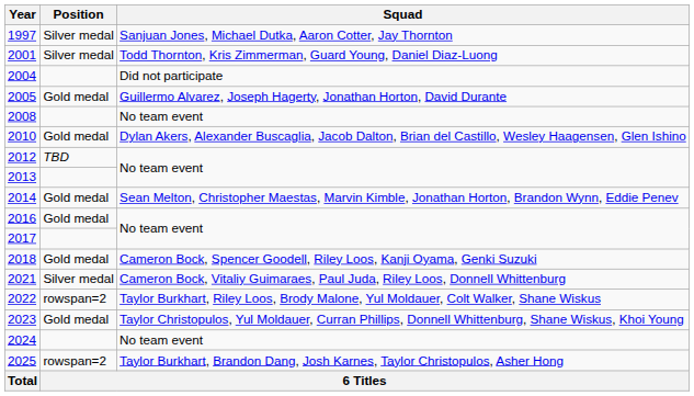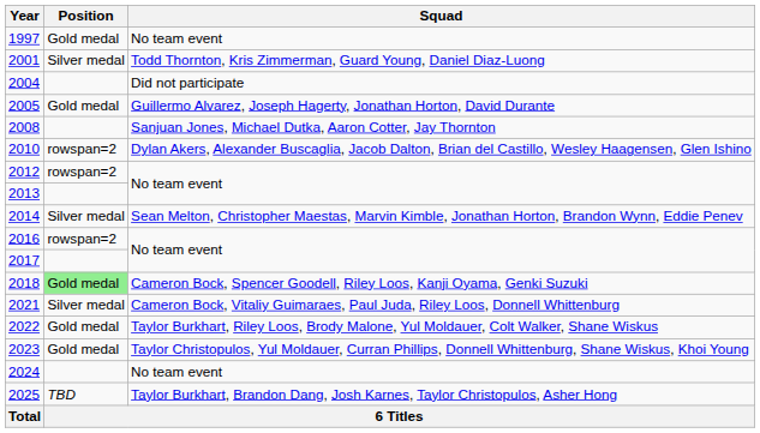 <table class="wikitable" style="text-align: center;">
 <tr>
 <th>Year</th>
 <th>Position</th>
 <th>Squad</th>
 </tr>
 <tr style="text-align:left;">
 <td><a href='#'>1997</a></td>
-<td> Silver medal</td>
-<td><a href='#'>Sanjuan Jones</a>, <a href='#'>Michael Dutka</a>, <a href='#'>Aaron Cotter</a>, <a href='#'>Jay Thornton</a></td>
+<td> Gold medal</td>
+<td>No team event</td>
 </tr>
 <tr style="text-align:left;">
 <td><a href='#'>2001</a></td>
 <td> Silver medal</td>
 <td><a href='#'>Todd Thornton</a>, <a href='#'>Kris Zimmerman</a>, <a href='#'>Guard Young</a>, <a href='#'>Daniel Diaz-Luong</a></td>
 </tr>
 <tr style="text-align:left;">
 <td><a href='#'>2004</a></td>
 <td></td>
 <td>Did not participate</td>
 </tr>
 <tr style="text-align:left;">
 <td><a href='#'>2005</a></td>
 <td> Gold medal</td>
 <td><a href='#'>Guillermo Alvarez</a>, <a href='#'>Joseph Hagerty</a>, <a href='#'>Jonathan Horton</a>, <a href='#'>David Durante</a></td>
 </tr>
 <tr style="text-align:left;">
 <td><a href='#'>2008</a></td>
 <td></td>
-<td>No team event</td>
+<td><a href='#'>Sanjuan Jones</a>, <a href='#'>Michael Dutka</a>, <a href='#'>Aaron Cotter</a>, <a href='#'>Jay Thornton</a></td>
 </tr>
 <tr style="text-align:left;">
 <td><a href='#'>2010</a></td>
-<td> Gold medal</td>
+<td>rowspan=2 </td>
 <td><a href='#'>Dylan Akers</a>, <a href='#'>Alexander Buscaglia</a>, <a href='#'>Jacob Dalton</a>, <a href='#'>Brian del Castillo</a>, <a href='#'>Wesley Haagensen</a>, <a href='#'>Glen Ishino</a></td>
 </tr>
 <tr style="text-align:left;">
 <td><a href='#'>2012</a></td>
-<td><em>TBD</em></td>
+<td>rowspan=2 </td>
 <td rowspan=2>No team event</td>
 </tr>
 <tr style="text-align:left;">
 <td><a href='#'>2013</a></td>
 </tr>
 <tr style="text-align:left;">
 <td><a href='#'>2014</a></td>
-<td> Gold medal</td>
+<td> Silver medal</td>
 <td><a href='#'>Sean Melton</a>, <a href='#'>Christopher Maestas</a>, <a href='#'>Marvin Kimble</a>, <a href='#'>Jonathan Horton</a>, <a href='#'>Brandon Wynn</a>, <a href='#'>Eddie Penev</a></td>
 </tr>
 <tr style="text-align:left;">
 <td><a href='#'>2016</a></td>
-<td> Gold medal</td>
+<td>rowspan=2 </td>
 <td rowspan=2>No team event</td>
 </tr>
 <tr style="text-align:left;">
 <td><a href='#'>2017</a></td>
 </tr>
 <tr style="text-align:left;">
 <td><a href='#'>2018</a></td>
-<td> Gold medal</td>
+<td style="background: lightgreen;"> Gold medal</td>
 <td><a href='#'>Cameron Bock</a>, <a href='#'>Spencer Goodell</a>, <a href='#'>Riley Loos</a>, <a href='#'>Kanji Oyama</a>, <a href='#'>Genki Suzuki</a></td>
 </tr>
 <tr style="text-align:left;">
 <td><a href='#'>2021</a></td>
 <td> Silver medal</td>
 <td><a href='#'>Cameron Bock</a>, <a href='#'>Vitaliy Guimaraes</a>, <a href='#'>Paul Juda</a>, <a href='#'>Riley Loos</a>, <a href='#'>Donnell Whittenburg</a></td>
 </tr>
 <tr style="text-align:left;">
 <td><a href='#'>2022</a></td>
-<td>rowspan=2 </td>
+<td> Gold medal</td>
 <td><a href='#'>Taylor Burkhart</a>, <a href='#'>Riley Loos</a>, <a href='#'>Brody Malone</a>, <a href='#'>Yul Moldauer</a>, <a href='#'>Colt Walker</a>, <a href='#'>Shane Wiskus</a></td>
 </tr>
 <tr style="text-align:left;">
 <td><a href='#'>2023</a></td>
 <td> Gold medal</td>
 <td><a href='#'>Taylor Christopulos</a>, <a href='#'>Yul Moldauer</a>, <a href='#'>Curran Phillips</a>, <a href='#'>Donnell Whittenburg</a>, <a href='#'>Shane Wiskus</a>, <a href='#'>Khoi Young</a></td>
 </tr>
 <tr style="text-align:left;">
 <td><a href='#'>2024</a></td>
 <td></td>
 <td>No team event</td>
 </tr>
 <tr style="text-align:left;">
 <td><a href='#'>2025</a></td>
-<td>rowspan=2 </td>
+<td><em>TBD</em></td>
 <td><a href='#'>Taylor Burkhart</a>, <a href='#'>Brandon Dang</a>, <a href='#'>Josh Karnes</a>, <a href='#'>Taylor Christopulos</a>, <a href='#'>Asher Hong</a></td>
 </tr>
 <tr>
 <th>Total</th>
 <th colspan="2">6 Titles</th>
 </tr>
 </table>
